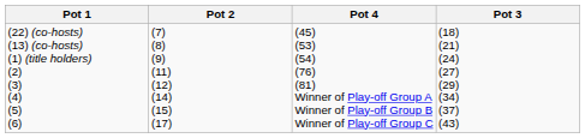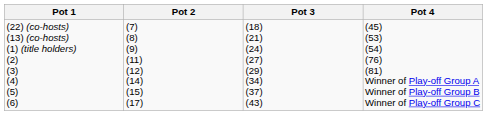 <table class="wikitable">
 <tr>
 <th width=25%>Pot 1</th>
 <th width=25%>Pot 2</th>
+<th width=25%>Pot 3</th>
 <th width=25%>Pot 4</th>
-<th width=25%>Pot 3</th>
 </tr>
 <tr>
 <td> (22) <em>(co-hosts)</em><br> (13) <em>(co-hosts)</em><br> (1) <em>(title holders)</em><br> (2)<br> (3)<br> (4)<br> (5)<br> (6)</td>
 <td> (7)<br> (8)<br> (9)<br> (11)<br> (12)<br> (14)<br> (15)<br> (17)</td>
+<td> (18)<br> (21)<br> (24)<br> (27)<br> (29)<br> (34)<br> (37)<br> (43)</td>
 <td> (45)<br> (53)<br> (54)<br> (76)<br> (81)<br> Winner of <a href='#'>Play-off Group A</a><br> Winner of <a href='#'>Play-off Group B</a><br> Winner of <a href='#'>Play-off Group C</a></td>
-<td> (18)<br> (21)<br> (24)<br> (27)<br> (29)<br> (34)<br> (37)<br> (43)</td>
 </tr>
 </table>
